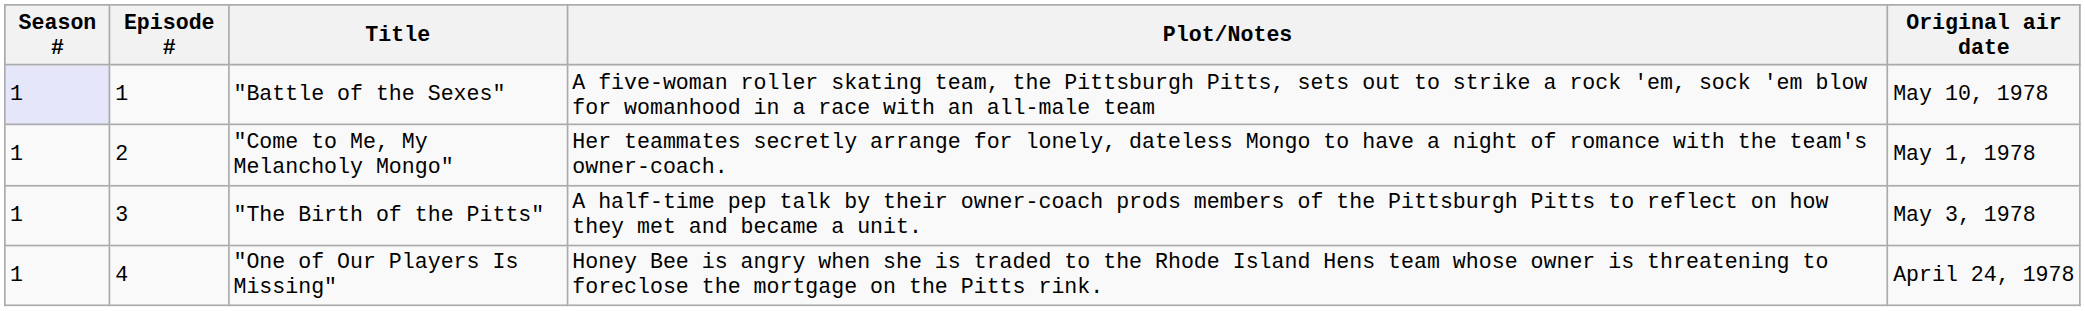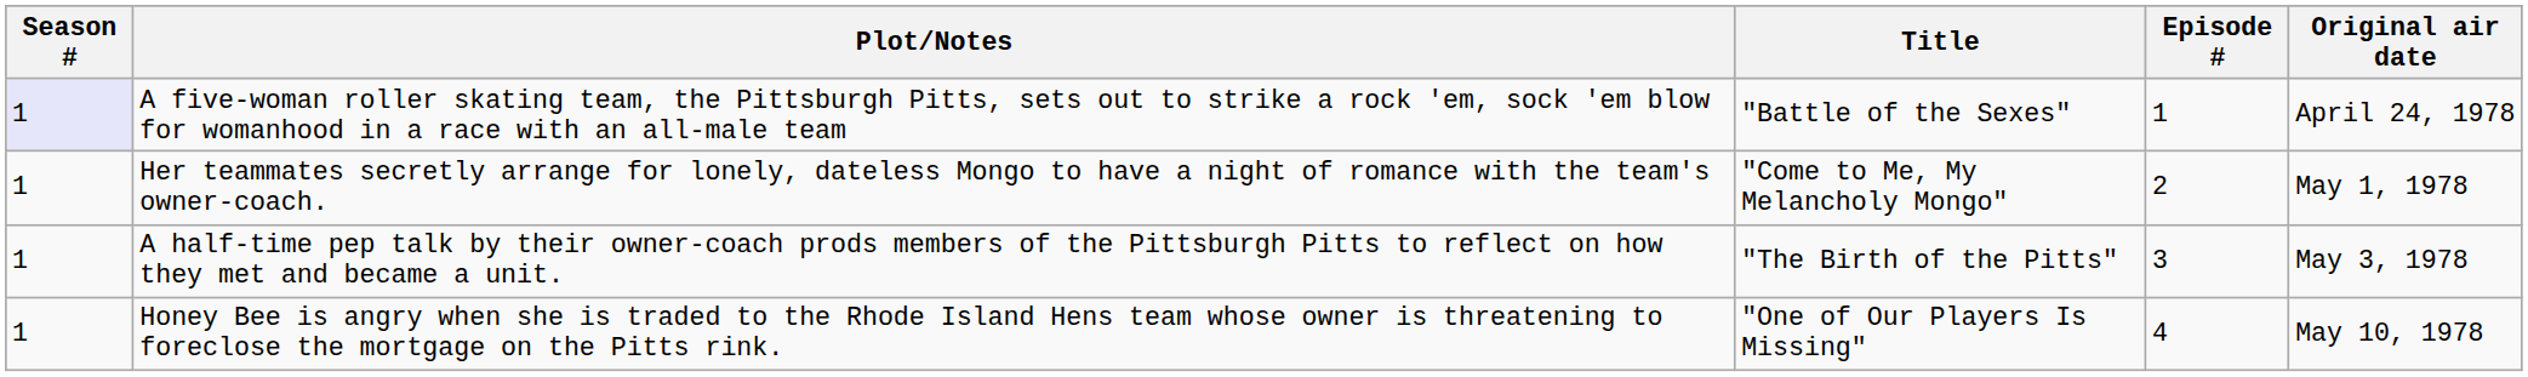 <table class="wikitable">
 <tr bgcolor="#CCCCCC">
 <th>Season #</th>
+<th>Plot/Notes</th>
+<th>Title</th>
 <th>Episode #</th>
-<th>Title</th>
-<th>Plot/Notes</th>
 <th>Original air date</th>
 </tr>
 <tr>
 <td style="background: lavender;">1</td>
+<td>A five-woman roller skating team, the Pittsburgh Pitts, sets out to strike a rock 'em, sock 'em blow for womanhood in a race with an all-male team</td>
+<td>"Battle of the Sexes"</td>
 <td>1</td>
-<td>"Battle of the Sexes"</td>
-<td>A five-woman roller skating team, the Pittsburgh Pitts, sets out to strike a rock 'em, sock 'em blow for womanhood in a race with an all-male team</td>
-<td>May 10, 1978</td>
+<td>April 24, 1978</td>
 </tr>
 <tr>
 <td>1</td>
+<td>Her teammates secretly arrange for lonely, dateless Mongo to have a night of romance with the team's owner-coach.</td>
+<td>"Come to Me, My Melancholy Mongo"</td>
 <td>2</td>
-<td>"Come to Me, My Melancholy Mongo"</td>
-<td>Her teammates secretly arrange for lonely, dateless Mongo to have a night of romance with the team's owner-coach.</td>
 <td>May 1, 1978</td>
 </tr>
 <tr>
 <td>1</td>
+<td>A half-time pep talk by their owner-coach prods members of the Pittsburgh Pitts to reflect on how they met and became a unit.</td>
+<td>"The Birth of the Pitts"</td>
 <td>3</td>
-<td>"The Birth of the Pitts"</td>
-<td>A half-time pep talk by their owner-coach prods members of the Pittsburgh Pitts to reflect on how they met and became a unit.</td>
 <td>May 3, 1978</td>
 </tr>
 <tr>
 <td>1</td>
+<td>Honey Bee is angry when she is traded to the Rhode Island Hens team whose owner is threatening to foreclose the mortgage on the Pitts rink.</td>
+<td>"One of Our Players Is Missing"</td>
 <td>4</td>
-<td>"One of Our Players Is Missing"</td>
-<td>Honey Bee is angry when she is traded to the Rhode Island Hens team whose owner is threatening to foreclose the mortgage on the Pitts rink.</td>
-<td>April 24, 1978</td>
+<td>May 10, 1978</td>
 </tr>
 </table>
